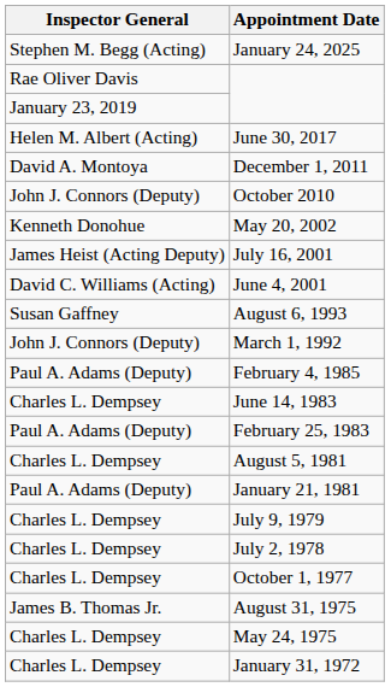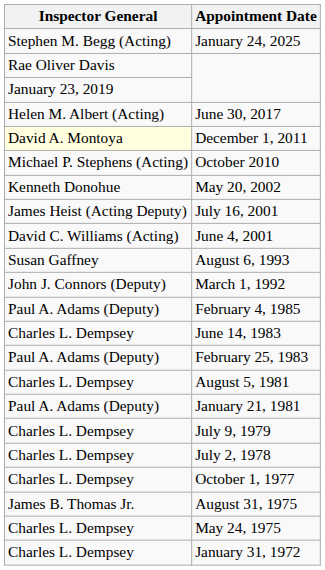 <table class="wikitable">
 <tr>
 <th><strong>Inspector General</strong></th>
 <th><strong>Appointment Date</strong></th>
 </tr>
 <tr>
 <td>Stephen M. Begg (Acting)</td>
 <td>January 24, 2025</td>
 </tr>
 <tr>
 <td>Rae Oliver Davis</td>
 </tr>
 <tr>
 <td>January 23, 2019</td>
 </tr>
 <tr>
 <td>Helen M. Albert (Acting)</td>
 <td>June 30, 2017</td>
 </tr>
 <tr>
-<td>David A. Montoya</td>
+<td style="background: lightyellow;">David A. Montoya</td>
 <td>December 1, 2011</td>
 </tr>
 <tr>
-<td>John J. Connors (Deputy)</td>
+<td>Michael P. Stephens (Acting)</td>
 <td>October 2010</td>
 </tr>
 <tr>
 <td>Kenneth Donohue</td>
 <td>May 20, 2002</td>
 </tr>
 <tr>
 <td>James Heist (Acting Deputy)</td>
 <td>July 16, 2001</td>
 </tr>
 <tr>
 <td>David C. Williams (Acting)</td>
 <td>June 4, 2001</td>
 </tr>
 <tr>
 <td>Susan Gaffney</td>
 <td>August 6, 1993</td>
 </tr>
 <tr>
 <td>John J. Connors (Deputy)</td>
 <td>March 1, 1992</td>
 </tr>
 <tr>
 <td>Paul A. Adams (Deputy)</td>
 <td>February 4, 1985</td>
 </tr>
 <tr>
 <td>Charles L. Dempsey</td>
 <td>June 14, 1983</td>
 </tr>
 <tr>
 <td>Paul A. Adams (Deputy)</td>
 <td>February 25, 1983</td>
 </tr>
 <tr>
 <td>Charles L. Dempsey</td>
 <td>August 5, 1981</td>
 </tr>
 <tr>
 <td>Paul A. Adams (Deputy)</td>
 <td>January 21, 1981</td>
 </tr>
 <tr>
 <td>Charles L. Dempsey</td>
 <td>July 9, 1979</td>
 </tr>
 <tr>
 <td>Charles L. Dempsey</td>
 <td>July 2, 1978</td>
 </tr>
 <tr>
 <td>Charles L. Dempsey</td>
 <td>October 1, 1977</td>
 </tr>
 <tr>
 <td>James B. Thomas Jr.</td>
 <td>August 31, 1975</td>
 </tr>
 <tr>
 <td>Charles L. Dempsey</td>
 <td>May 24, 1975</td>
 </tr>
 <tr>
 <td>Charles L. Dempsey</td>
 <td>January 31, 1972</td>
 </tr>
 </table>
